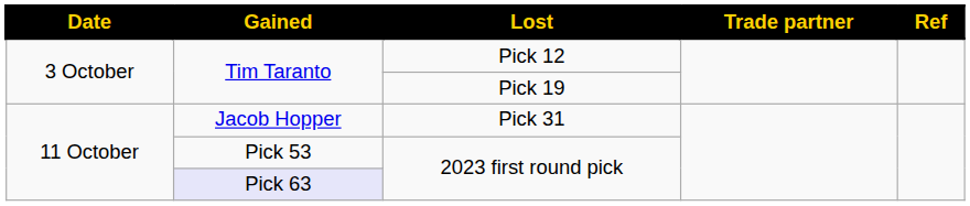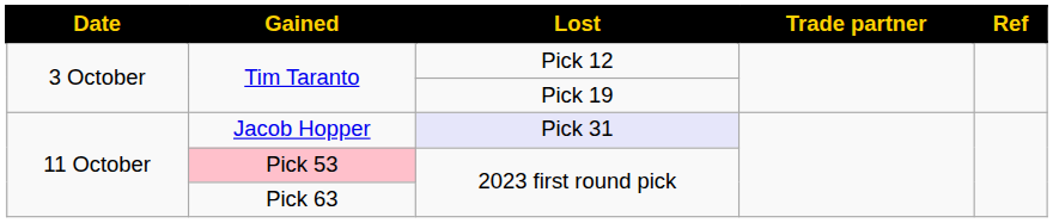 <table class="wikitable" style="text-align:center; font-size:100%; width:60%;">
 <tr>
 <th style="background:black; color:#FED102; border: solid black 2px;">Date</th>
 <th style="background:black; color:#FED102; border: solid black 2px;">Gained</th>
 <th style="background:black; color:#FED102; border: solid black 2px;">Lost</th>
 <th style="background:black; color:#FED102; border: solid black 2px;">Trade partner</th>
 <th style="background:black; color:#FED102; border: solid black 2px;">Ref</th>
 </tr>
 <tr>
 <td rowspan=2>3 October</td>
 <td rowspan=2><a href='#'>Tim Taranto</a></td>
 <td>Pick 12</td>
 <td rowspan=2></td>
 <td rowspan=2></td>
 </tr>
 <tr>
 <td>Pick 19</td>
 </tr>
 <tr>
 <td rowspan=3>11 October</td>
 <td><a href='#'>Jacob Hopper</a></td>
-<td>Pick 31</td>
+<td style="background: lavender;">Pick 31</td>
 <td rowspan=3></td>
 <td rowspan=3></td>
 </tr>
 <tr>
-<td>Pick 53</td>
+<td style="background: pink;">Pick 53</td>
 <td rowspan=2>2023 first round pick</td>
 </tr>
 <tr>
-<td style="background: lavender;">Pick 63</td>
+<td>Pick 63</td>
 </tr>
 </table>
